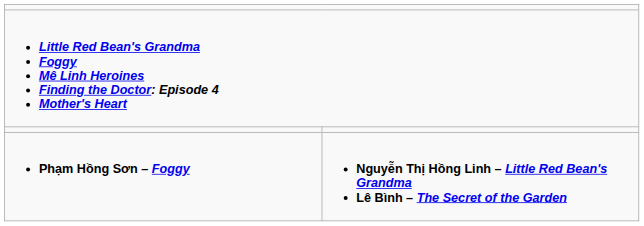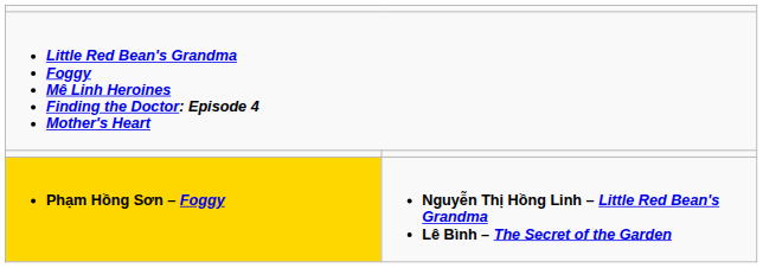 <table class="wikitable" align="center" style="width:91%;">
 <tr>
 <td colspan="2" style="vertical-align:top; width:100%;"></td>
 </tr>
 <tr>
 <td colspan="2" valign="top"><br><ul><li><strong><em><span><a href='#'>Little Red Bean's Grandma</a></span></em></strong></li><li><strong><em><span><a href='#'>Foggy</a></span></em></strong></li><li><strong><em><span><a href='#'>Mê Linh Heroines</a></span></em></strong></li><li><strong><em><span><a href='#'>Finding the Doctor</a>: Episode 4</span></em></strong></li><li><strong><em><span><a href='#'>Mother's Heart</a></span></em></strong></li></ul></td>
 </tr>
 <tr>
 <td style="vertical-align:top; width:50%;"></td>
 <td style="vertical-align:top; width:50%;"></td>
 </tr>
 <tr>
-<td valign="top"><br><ul><li><strong>Phạm Hồng Sơn – <em><a href='#'>Foggy</a></em> </strong></li></ul></td>
+<td valign="top" style="background: gold;"><br><ul><li><strong>Phạm Hồng Sơn – <em><a href='#'>Foggy</a></em> </strong></li></ul></td>
 <td valign="top"><br><ul><li><strong>Nguyễn Thị Hồng Linh – <em><a href='#'>Little Red Bean's Grandma</a></em> </strong></li><li><strong>Lê Bình – <em><a href='#'>The Secret of the Garden</a></em> </strong></li></ul></td>
 </tr>
 </table>
